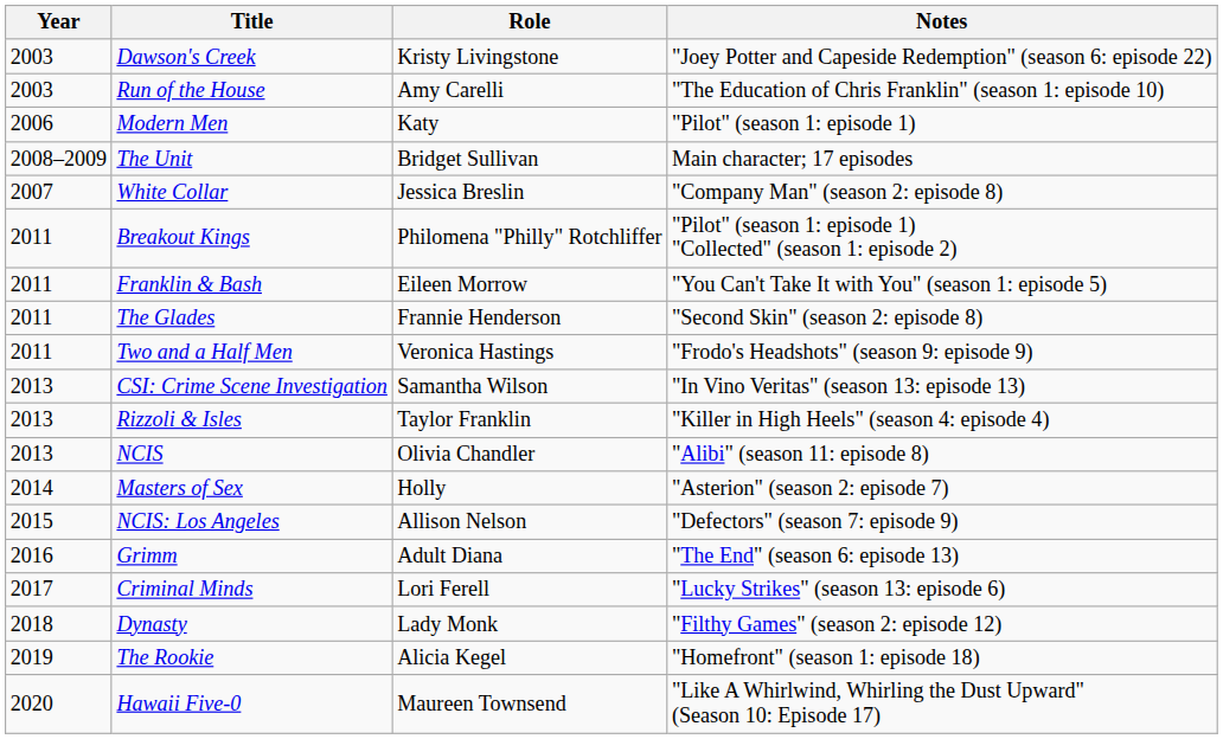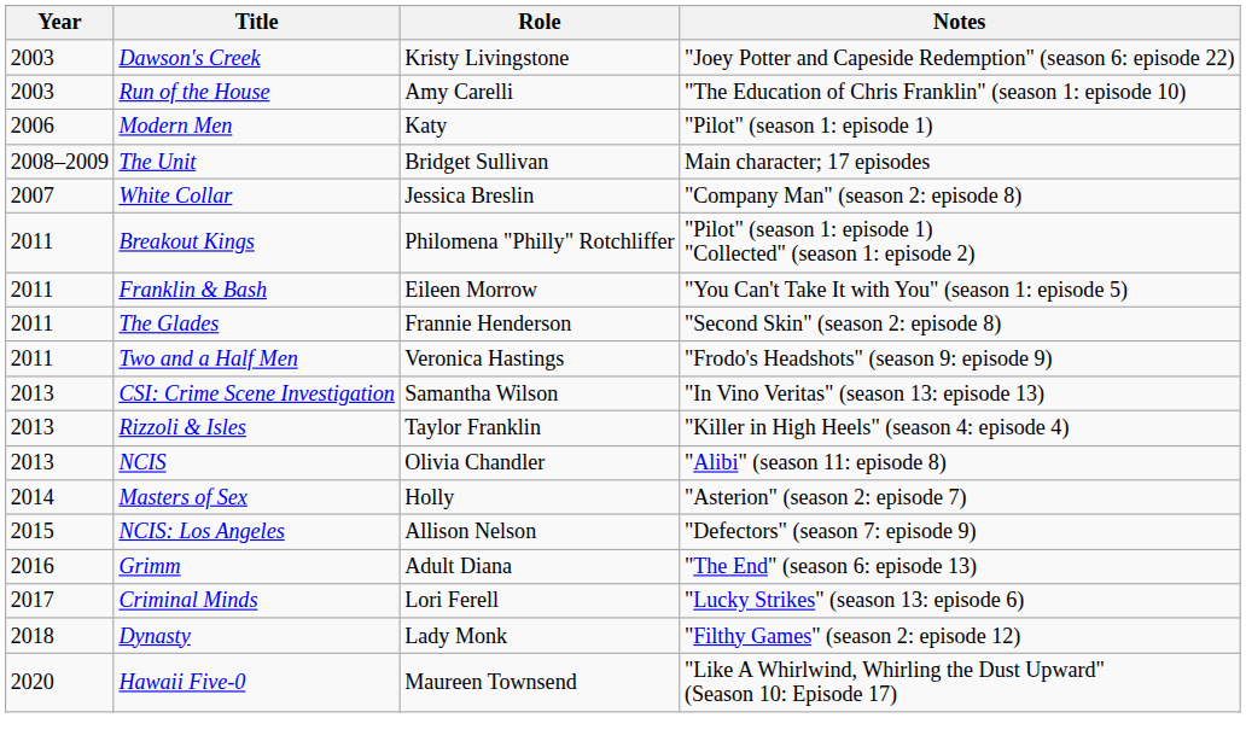 <table class="wikitable sortable">
 <tr>
 <th>Year</th>
 <th>Title</th>
 <th>Role</th>
 <th class="unsortable">Notes</th>
 </tr>
 <tr>
 <td>2003</td>
 <td><em><a href='#'>Dawson's Creek</a></em></td>
 <td>Kristy Livingstone</td>
 <td>"Joey Potter and Capeside Redemption" (season 6: episode 22)</td>
 </tr>
 <tr>
 <td>2003</td>
 <td><em><a href='#'>Run of the House</a></em></td>
 <td>Amy Carelli</td>
 <td>"The Education of Chris Franklin" (season 1: episode 10)</td>
 </tr>
 <tr>
 <td>2006</td>
 <td><em><a href='#'>Modern Men</a></em></td>
 <td>Katy</td>
 <td>"Pilot" (season 1: episode 1)</td>
 </tr>
 <tr>
 <td>2008–2009</td>
 <td><em><a href='#'>The Unit</a></em></td>
 <td>Bridget Sullivan</td>
 <td>Main character; 17 episodes</td>
 </tr>
 <tr>
 <td>2007</td>
 <td><em><a href='#'>White Collar</a></em></td>
 <td>Jessica Breslin</td>
 <td>"Company Man" (season 2: episode 8)</td>
 </tr>
 <tr>
 <td>2011</td>
 <td><em><a href='#'>Breakout Kings</a></em></td>
 <td>Philomena "Philly" Rotchliffer</td>
 <td>"Pilot" (season 1: episode 1)<br>"Collected" (season 1: episode 2)</td>
 </tr>
 <tr>
 <td>2011</td>
 <td><em><a href='#'>Franklin & Bash</a></em></td>
 <td>Eileen Morrow</td>
 <td>"You Can't Take It with You" (season 1: episode 5)</td>
 </tr>
 <tr>
 <td>2011</td>
 <td><em><a href='#'>The Glades</a></em></td>
 <td>Frannie Henderson</td>
 <td>"Second Skin" (season 2: episode 8)</td>
 </tr>
 <tr>
 <td>2011</td>
 <td><em><a href='#'>Two and a Half Men</a></em></td>
 <td>Veronica Hastings</td>
 <td>"Frodo's Headshots" (season 9: episode 9)</td>
 </tr>
 <tr>
 <td>2013</td>
 <td><em><a href='#'>CSI: Crime Scene Investigation</a></em></td>
 <td>Samantha Wilson</td>
 <td>"In Vino Veritas" (season 13: episode 13)</td>
 </tr>
 <tr>
 <td>2013</td>
 <td><em><a href='#'>Rizzoli & Isles</a></em></td>
 <td>Taylor Franklin</td>
 <td>"Killer in High Heels" (season 4: episode 4)</td>
 </tr>
 <tr>
 <td>2013</td>
 <td><em><a href='#'>NCIS</a></em></td>
 <td>Olivia Chandler</td>
 <td>"<a href='#'>Alibi</a>" (season 11: episode 8)</td>
 </tr>
 <tr>
 <td>2014</td>
 <td><em><a href='#'>Masters of Sex</a></em></td>
 <td>Holly</td>
 <td>"Asterion" (season 2: episode 7)</td>
 </tr>
 <tr>
 <td>2015</td>
 <td><em><a href='#'>NCIS: Los Angeles</a></em></td>
 <td>Allison Nelson</td>
 <td>"Defectors" (season 7: episode 9)</td>
 </tr>
 <tr>
 <td>2016</td>
 <td><em><a href='#'>Grimm</a></em></td>
 <td>Adult Diana</td>
 <td>"<a href='#'>The End</a>" (season 6: episode 13)</td>
 </tr>
 <tr>
 <td>2017</td>
 <td><em><a href='#'>Criminal Minds</a></em></td>
 <td>Lori Ferell</td>
 <td>"<a href='#'>Lucky Strikes</a>" (season 13: episode 6)</td>
 </tr>
 <tr>
 <td>2018</td>
 <td><em><a href='#'>Dynasty</a></em></td>
 <td>Lady Monk</td>
 <td>"<a href='#'>Filthy Games</a>" (season 2: episode 12)</td>
 </tr>
 <tr>
-<td>2019</td>
-<td><em><a href='#'>The Rookie</a></em></td>
-<td>Alicia Kegel</td>
-<td>"Homefront" (season 1: episode 18)</td>
-</tr>
-<tr>
 <td>2020</td>
 <td><em><a href='#'>Hawaii Five-0</a></em></td>
 <td>Maureen Townsend</td>
 <td>"Like A Whirlwind, Whirling the Dust Upward"<br>(Season 10: Episode 17) <br></td>
 </tr>
 </table>
